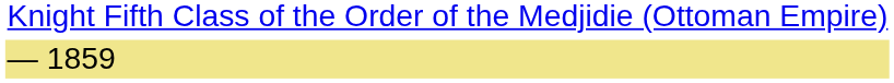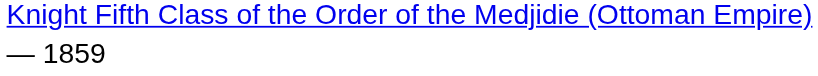 <table>
 <tr>
 <td rowspan=2 style="width:60px; vertical-align:top;"></td>
 <td><a href='#'>Knight Fifth Class of the Order of the Medjidie (Ottoman Empire)</a></td>
 </tr>
 <tr>
-<td style="background: khaki;">— 1859</td>
+<td>— 1859</td>
 </tr>
 </table>
